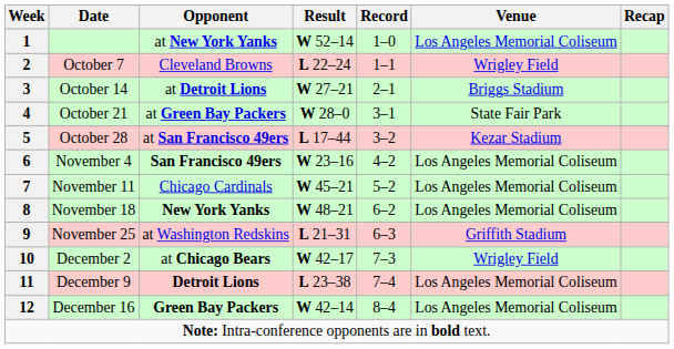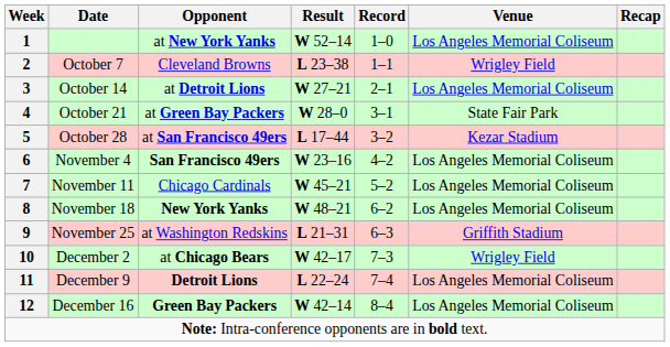 <table class="wikitable" style="text-align:center">
 <tr>
 <th>Week</th>
 <th>Date</th>
 <th>Opponent</th>
 <th>Result</th>
 <th>Record</th>
 <th>Venue</th>
 <th>Recap</th>
 </tr>
 <tr align="center" bgcolor="#cfc">
 <th>1</th>
 <td></td>
 <td>at <strong><a href='#'>New York Yanks</a></strong></td>
 <td><strong>W</strong> 52–14</td>
 <td>1–0</td>
 <td><a href='#'>Los Angeles Memorial Coliseum</a></td>
 <td></td>
 </tr>
 <tr align="center" bgcolor="#fcc">
 <th>2</th>
 <td>October 7</td>
 <td><a href='#'>Cleveland Browns</a></td>
-<td><strong>L</strong> 22–24</td>
+<td><strong>L</strong> 23–38</td>
 <td>1–1</td>
 <td><a href='#'>Wrigley Field</a></td>
 <td></td>
 </tr>
 <tr align="center" bgcolor="#cfc">
 <th>3</th>
 <td>October 14</td>
 <td>at <strong><a href='#'>Detroit Lions</a></strong></td>
 <td><strong>W</strong> 27–21</td>
 <td>2–1</td>
-<td><a href='#'>Briggs Stadium</a></td>
+<td><a href='#'>Los Angeles Memorial Coliseum</a></td>
 <td></td>
 </tr>
 <tr align="center" bgcolor="#cfc">
 <th>4</th>
 <td>October 21</td>
 <td>at <strong><a href='#'>Green Bay Packers</a></strong></td>
 <td><strong>W</strong> 28–0</td>
 <td>3–1</td>
 <td>State Fair Park</td>
 <td></td>
 </tr>
 <tr align="center" bgcolor="#fcc">
 <th>5</th>
 <td>October 28</td>
 <td>at <strong><a href='#'>San Francisco 49ers</a></strong></td>
 <td><strong>L</strong> 17–44</td>
 <td>3–2</td>
 <td><a href='#'>Kezar Stadium</a></td>
 <td></td>
 </tr>
 <tr align="center" bgcolor="#cfc">
 <th>6</th>
 <td>November 4</td>
 <td><strong>San Francisco 49ers</strong></td>
 <td><strong>W</strong> 23–16</td>
 <td>4–2</td>
 <td>Los Angeles Memorial Coliseum</td>
 <td></td>
 </tr>
 <tr align="center" bgcolor="#cfc">
 <th>7</th>
 <td>November 11</td>
 <td><a href='#'>Chicago Cardinals</a></td>
 <td><strong>W</strong> 45–21</td>
 <td>5–2</td>
 <td>Los Angeles Memorial Coliseum</td>
 <td></td>
 </tr>
 <tr align="center" bgcolor="#cfc">
 <th>8</th>
 <td>November 18</td>
 <td><strong>New York Yanks</strong></td>
 <td><strong>W</strong> 48–21</td>
 <td>6–2</td>
 <td>Los Angeles Memorial Coliseum</td>
 <td></td>
 </tr>
 <tr align="center" bgcolor="#fcc">
 <th>9</th>
 <td>November 25</td>
 <td>at <a href='#'>Washington Redskins</a></td>
 <td><strong>L</strong> 21–31</td>
 <td>6–3</td>
 <td><a href='#'>Griffith Stadium</a></td>
 <td></td>
 </tr>
 <tr align="center" bgcolor="#cfc">
 <th>10</th>
 <td>December 2</td>
 <td>at <strong>Chicago Bears</strong></td>
 <td><strong>W</strong> 42–17</td>
 <td>7–3</td>
 <td><a href='#'>Wrigley Field</a></td>
 <td></td>
 </tr>
 <tr align="center" bgcolor="#fcc">
 <th>11</th>
 <td>December 9</td>
 <td><strong>Detroit Lions</strong></td>
-<td><strong>L</strong> 23–38</td>
+<td><strong>L</strong> 22–24</td>
 <td>7–4</td>
 <td>Los Angeles Memorial Coliseum</td>
 <td></td>
 </tr>
 <tr align="center" bgcolor="#cfc">
 <th>12</th>
 <td>December 16</td>
 <td><strong>Green Bay Packers</strong></td>
 <td><strong>W</strong> 42–14</td>
 <td>8–4</td>
 <td>Los Angeles Memorial Coliseum</td>
 <td></td>
 </tr>
 <tr>
 <td colspan="8"><strong>Note:</strong> Intra-conference opponents are in <strong>bold</strong> text.</td>
 </tr>
 </table>
